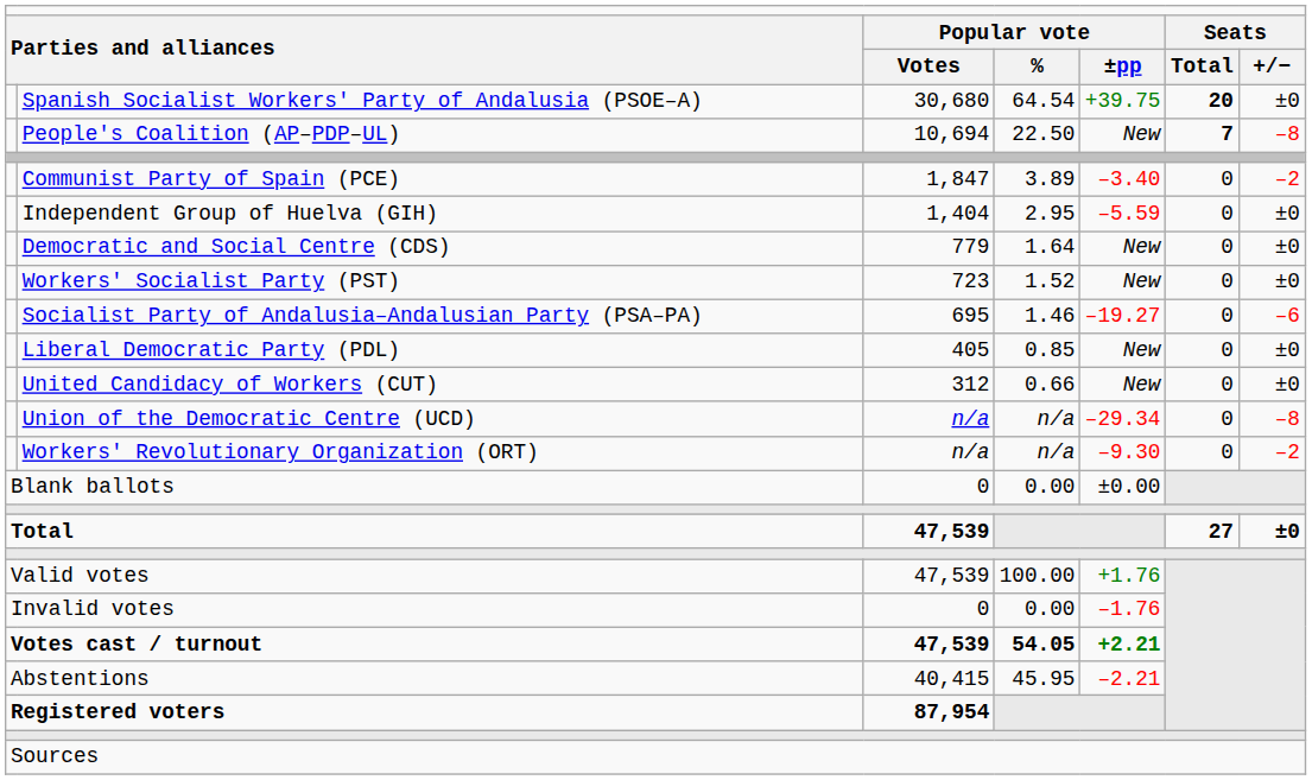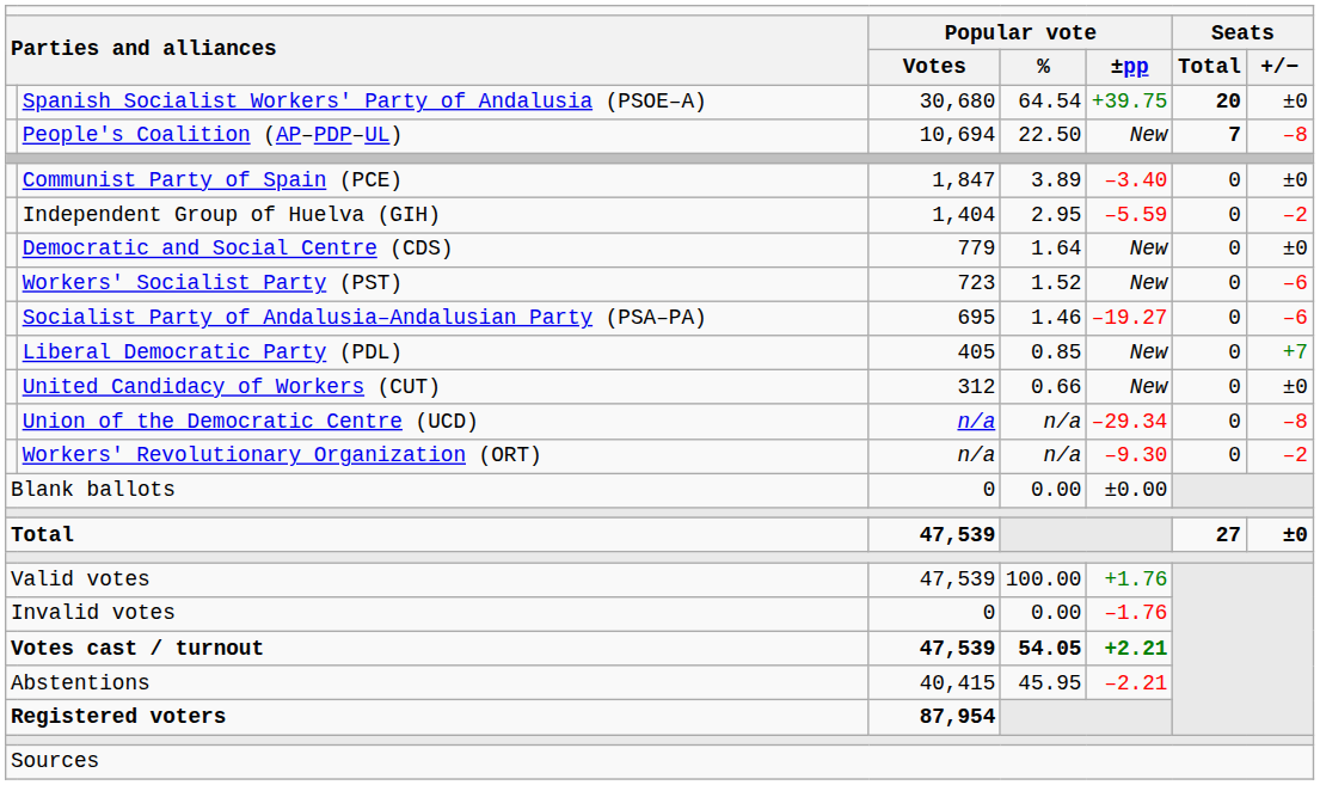 <table class="wikitable" style="text-align:right;">
 <tr>
 <td colspan="7"></td>
 </tr>
 <tr>
 <th style="text-align:left;" rowspan="2" colspan="2" width="525">Parties and alliances</th>
 <th colspan="3">Popular vote</th>
 <th colspan="2">Seats</th>
 </tr>
 <tr>
 <th width="75">Votes</th>
 <th width="45">%</th>
 <th width="45">±<a href='#'>pp</a></th>
 <th width="35">Total</th>
 <th width="35">+/−</th>
 </tr>
 <tr>
 <td width="1" style="color:inherit;background:"></td>
 <td align="left"><a href='#'>Spanish Socialist Workers' Party of Andalusia</a> (PSOE–A)</td>
 <td>30,680</td>
 <td>64.54</td>
 <td style="color:green;">+39.75</td>
 <td><strong>20</strong></td>
 <td>±0</td>
 </tr>
 <tr>
 <td style="color:inherit;background:"></td>
 <td align="left"><a href='#'>People's Coalition</a> (<a href='#'>AP</a>–<a href='#'>PDP</a>–<a href='#'>UL</a>)</td>
 <td>10,694</td>
 <td>22.50</td>
 <td><em>New</em></td>
 <td><strong>7</strong></td>
 <td style="color:red;">–8</td>
 </tr>
 <tr>
 <td colspan="7" bgcolor="#C0C0C0"></td>
 </tr>
 <tr>
 <td style="color:inherit;background:"></td>
 <td align="left"><a href='#'>Communist Party of Spain</a> (PCE)</td>
 <td>1,847</td>
 <td>3.89</td>
 <td style="color:red;">–3.40</td>
 <td>0</td>
-<td style="color:red;">–2</td>
+<td>±0</td>
 </tr>
 <tr>
 <td style="color:inherit;background:"></td>
 <td align="left">Independent Group of Huelva (GIH)</td>
 <td>1,404</td>
 <td>2.95</td>
 <td style="color:red;">–5.59</td>
 <td>0</td>
-<td>±0</td>
+<td style="color:red;">–2</td>
 </tr>
 <tr>
 <td style="color:inherit;background:"></td>
 <td align="left"><a href='#'>Democratic and Social Centre</a> (CDS)</td>
 <td>779</td>
 <td>1.64</td>
 <td><em>New</em></td>
 <td>0</td>
 <td>±0</td>
 </tr>
 <tr>
 <td style="color:inherit;background:"></td>
 <td align="left"><a href='#'>Workers' Socialist Party</a> (PST)</td>
 <td>723</td>
 <td>1.52</td>
 <td><em>New</em></td>
 <td>0</td>
-<td>±0</td>
+<td style="color:red;">–6</td>
 </tr>
 <tr>
 <td style="color:inherit;background:"></td>
 <td align="left"><a href='#'>Socialist Party of Andalusia–Andalusian Party</a> (PSA–PA)</td>
 <td>695</td>
 <td>1.46</td>
 <td style="color:red;">–19.27</td>
 <td>0</td>
 <td style="color:red;">–6</td>
 </tr>
 <tr>
 <td style="color:inherit;background:"></td>
 <td align="left"><a href='#'>Liberal Democratic Party</a> (PDL)</td>
 <td>405</td>
 <td>0.85</td>
 <td><em>New</em></td>
 <td>0</td>
-<td>±0</td>
+<td style="color:green;">+7</td>
 </tr>
 <tr>
 <td style="color:inherit;background:"></td>
 <td align="left"><a href='#'>United Candidacy of Workers</a> (CUT)</td>
 <td>312</td>
 <td>0.66</td>
 <td><em>New</em></td>
 <td>0</td>
 <td>±0</td>
 </tr>
 <tr>
 <td style="color:inherit;background:"></td>
 <td align="left"><a href='#'>Union of the Democratic Centre</a> (UCD)</td>
 <td><em><a href='#'>n/a</a></em></td>
 <td><em>n/a</em></td>
 <td style="color:red;">–29.34</td>
 <td>0</td>
 <td style="color:red;">–8</td>
 </tr>
 <tr>
 <td style="color:inherit;background:"></td>
 <td align="left"><a href='#'>Workers' Revolutionary Organization</a> (ORT)</td>
 <td><em>n/a</em></td>
 <td><em>n/a</em></td>
 <td style="color:red;">–9.30</td>
 <td>0</td>
 <td style="color:red;">–2</td>
 </tr>
 <tr>
 <td align="left" colspan="2">Blank ballots</td>
 <td>0</td>
 <td>0.00</td>
 <td>±0.00</td>
 <td bgcolor="#E9E9E9" colspan="2"></td>
 </tr>
 <tr>
 <td colspan="7" bgcolor="#E9E9E9"></td>
 </tr>
 <tr style="font-weight:bold;">
 <td align="left" colspan="2">Total</td>
 <td>47,539</td>
 <td bgcolor="#E9E9E9" colspan="2"></td>
 <td>27</td>
 <td>±0</td>
 </tr>
 <tr>
 <td colspan="7" bgcolor="#E9E9E9"></td>
 </tr>
 <tr>
 <td align="left" colspan="2">Valid votes</td>
 <td>47,539</td>
 <td>100.00</td>
 <td style="color:green;">+1.76</td>
 <td bgcolor="#E9E9E9" colspan="2" rowspan="5"></td>
 </tr>
 <tr>
 <td align="left" colspan="2">Invalid votes</td>
 <td>0</td>
 <td>0.00</td>
 <td style="color:red;">–1.76</td>
 </tr>
 <tr style="font-weight:bold;">
 <td align="left" colspan="2">Votes cast / turnout</td>
 <td>47,539</td>
 <td>54.05</td>
 <td style="color:green;">+2.21</td>
 </tr>
 <tr>
 <td align="left" colspan="2">Abstentions</td>
 <td>40,415</td>
 <td>45.95</td>
 <td style="color:red;">–2.21</td>
 </tr>
 <tr style="font-weight:bold;">
 <td align="left" colspan="2">Registered voters</td>
 <td>87,954</td>
 <td bgcolor="#E9E9E9" colspan="2"></td>
 </tr>
 <tr>
 <td colspan="7" bgcolor="#E9E9E9"></td>
 </tr>
 <tr>
 <td align="left" colspan="7">Sources</td>
 </tr>
 </table>
